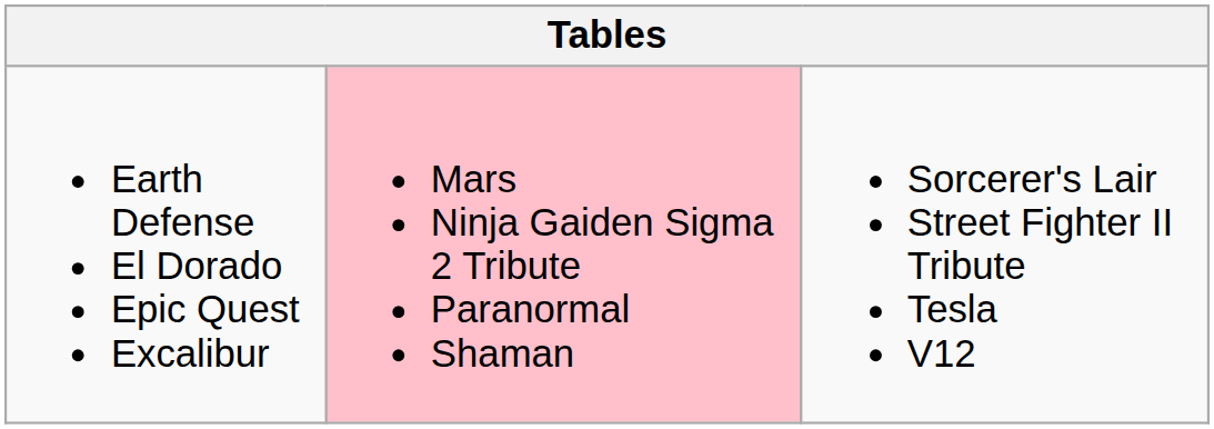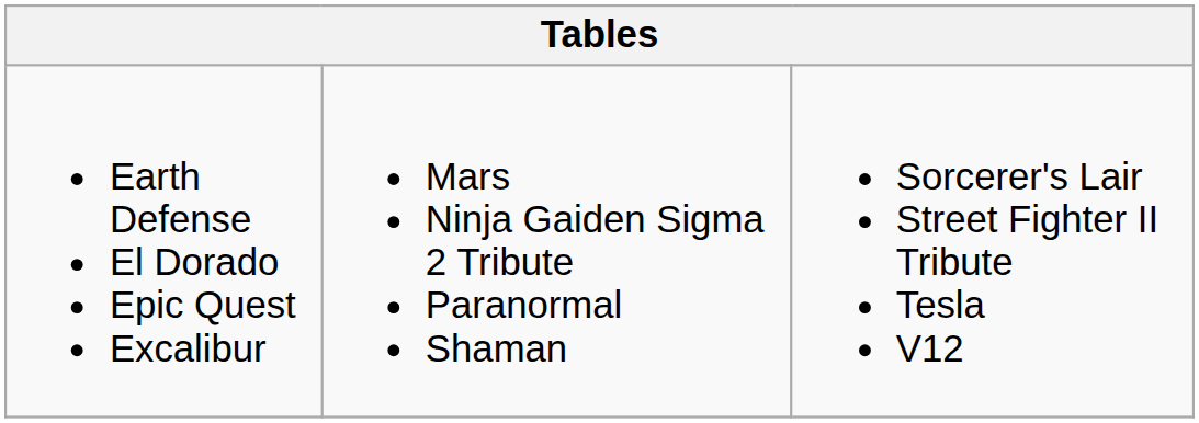 <table class="wikitable" width="500px">
 <tr>
 <th colspan="3">Tables</th>
 </tr>
 <tr>
 <td><br><ul><li>Earth Defense</li><li>El Dorado</li><li>Epic Quest</li><li>Excalibur</li></ul></td>
-<td style="background: pink;"><br><ul><li>Mars</li><li>Ninja Gaiden Sigma 2 Tribute</li><li>Paranormal</li><li>Shaman</li></ul></td>
+<td><br><ul><li>Mars</li><li>Ninja Gaiden Sigma 2 Tribute</li><li>Paranormal</li><li>Shaman</li></ul></td>
 <td><br><ul><li>Sorcerer's Lair</li><li>Street Fighter II Tribute</li><li>Tesla</li><li>V12</li></ul></td>
 </tr>
 </table>
